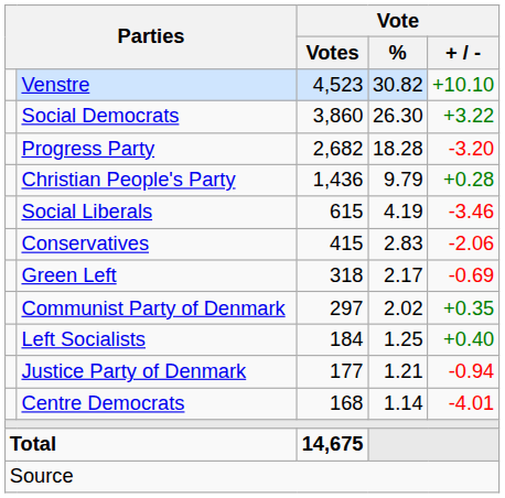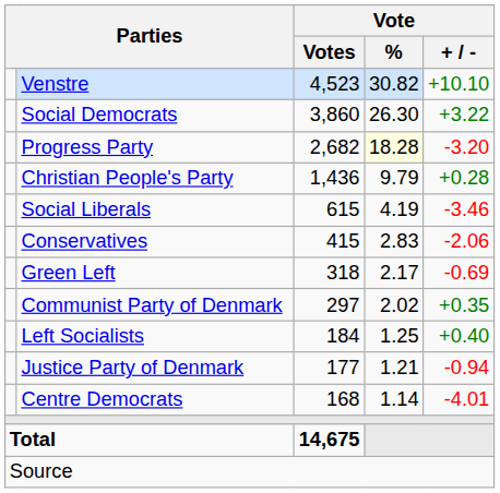 <table class="wikitable" style="text-align:right;">
 <tr>
 <th style="text-align:centre;" rowspan="2" colspan="2" width="225">Parties</th>
 <th colspan="3">Vote</th>
 </tr>
 <tr>
 <th width="15">Votes</th>
 <th width="15">%</th>
 <th width="15">+ / -</th>
 </tr>
 <tr>
 <td width="2" style="color:inherit;background:"></td>
 <td bgcolor=#cfe5fe  align="left"><a href='#'>Venstre</a></td>
 <td bgcolor=#cfe5fe>4,523</td>
 <td bgcolor=#cfe5fe>30.82</td>
 <td style=color:green;>+10.10</td>
 </tr>
 <tr>
 <td width="2" style="color:inherit;background:"></td>
 <td align="left"><a href='#'>Social Democrats</a></td>
 <td>3,860</td>
 <td>26.30</td>
 <td style=color:green;>+3.22</td>
 </tr>
 <tr>
 <td width="2" style="color:inherit;background:"></td>
 <td align="left"><a href='#'>Progress Party</a></td>
 <td>2,682</td>
-<td>18.28</td>
+<td style="background: lightyellow;">18.28</td>
 <td style=color:red;>-3.20</td>
 </tr>
 <tr>
 <td width="2" style="color:inherit;background:"></td>
 <td align="left"><a href='#'>Christian People's Party</a></td>
 <td>1,436</td>
 <td>9.79</td>
 <td style=color:green;>+0.28</td>
 </tr>
 <tr>
 <td width="2" style="color:inherit;background:"></td>
 <td align="left"><a href='#'>Social Liberals</a></td>
 <td>615</td>
 <td>4.19</td>
 <td style=color:red;>-3.46</td>
 </tr>
 <tr>
 <td width="2" style="color:inherit;background:"></td>
 <td align="left"><a href='#'>Conservatives</a></td>
 <td>415</td>
 <td>2.83</td>
 <td style=color:red;>-2.06</td>
 </tr>
 <tr>
 <td width="2" style="color:inherit;background:"></td>
 <td align="left"><a href='#'>Green Left</a></td>
 <td>318</td>
 <td>2.17</td>
 <td style=color:red;>-0.69</td>
 </tr>
 <tr>
 <td width="2" style="color:inherit;background:"></td>
 <td align="left"><a href='#'>Communist Party of Denmark</a></td>
 <td>297</td>
 <td>2.02</td>
 <td style=color:green;>+0.35</td>
 </tr>
 <tr>
 <td width="2" style="color:inherit;background:"></td>
 <td align="left"><a href='#'>Left Socialists</a></td>
 <td>184</td>
 <td>1.25</td>
 <td style=color:green;>+0.40</td>
 </tr>
 <tr>
 <td width="2" style="color:inherit;background:"></td>
 <td align="left"><a href='#'>Justice Party of Denmark</a></td>
 <td>177</td>
 <td>1.21</td>
 <td style=color:red;>-0.94</td>
 </tr>
 <tr>
 <td width="2" style="color:inherit;background:"></td>
 <td align="left"><a href='#'>Centre Democrats</a></td>
 <td>168</td>
 <td>1.14</td>
 <td style=color:red;>-4.01</td>
 </tr>
 <tr>
 <td colspan="7" bgcolor="#E9E9E9"></td>
 </tr>
 <tr>
 <td align="left" colspan="2"><strong>Total</strong></td>
 <td><strong>14,675</strong></td>
 <td bgcolor="#E9E9E9" colspan="2"></td>
 </tr>
 <tr>
 <td align="left" colspan="6">Source</td>
 </tr>
 </table>
